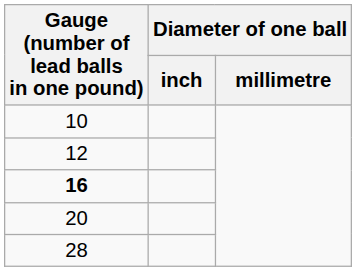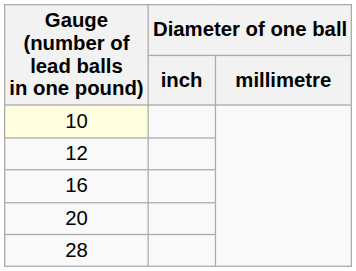 <table class="wikitable floatleft" style="text-align: center;">
 <tr>
 <th rowspan=2>Gauge <br>(number of<br> lead balls<br> in one pound)</th>
 <th colspan=2>Diameter of one ball</th>
 </tr>
 <tr>
 <th>inch</th>
 <th>millimetre</th>
 </tr>
 <tr>
-<td>10</td>
+<td style="background: lightyellow;">10</td>
 <td></td>
 </tr>
 <tr>
 <td>12</td>
 <td></td>
 </tr>
 <tr>
-<td><strong>16</strong></td>
+<td>16</td>
 <td></td>
 </tr>
 <tr>
 <td>20</td>
 <td></td>
 </tr>
 <tr>
 <td>28</td>
 <td></td>
 </tr>
 </table>
